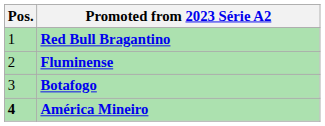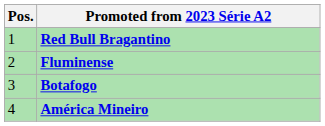 <table class="wikitable">
 <tr>
 <th style="text-align:center;">Pos.</th>
 <th width=300>Promoted from <a href='#'>2023 Série A2</a></th>
 </tr>
 <tr style="background: #ACE1AF;">
 <td>1</td>
 <td><strong><a href='#'>Red Bull Bragantino</a></strong></td>
 </tr>
 <tr style="background: #ACE1AF;">
 <td>2</td>
 <td><strong><a href='#'>Fluminense</a></strong></td>
 </tr>
 <tr style="background: #ACE1AF;">
 <td>3</td>
 <td><strong><a href='#'>Botafogo</a></strong></td>
 </tr>
 <tr style="background: #ACE1AF;">
-<td><strong>4</strong></td>
+<td>4</td>
 <td><strong><a href='#'>América Mineiro</a></strong></td>
 </tr>
 </table>
